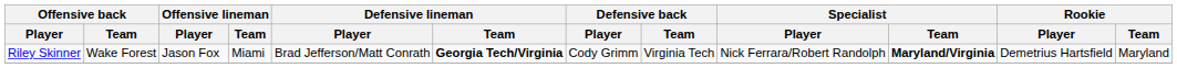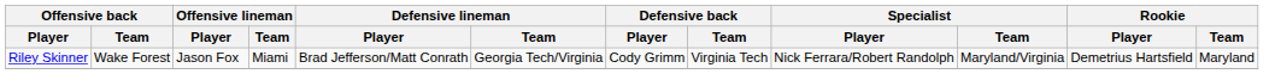 <table class="wikitable" border="1">
 <tr>
 <th colspan="2">Offensive back</th>
 <th colspan="2">Offensive lineman</th>
 <th colspan="2">Defensive lineman</th>
 <th colspan="2">Defensive back</th>
 <th colspan="2">Specialist</th>
 <th colspan="2">Rookie</th>
 </tr>
 <tr>
 <th>Player</th>
 <th>Team</th>
 <th>Player</th>
 <th>Team</th>
 <th>Player</th>
 <th>Team</th>
 <th>Player</th>
 <th>Team</th>
 <th>Player</th>
 <th>Team</th>
 <th>Player</th>
 <th>Team</th>
 </tr>
 <tr>
 <td><a href='#'>Riley Skinner</a></td>
 <td>Wake Forest</td>
 <td>Jason Fox</td>
 <td>Miami</td>
 <td>Brad Jefferson/Matt Conrath</td>
-<td><strong>Georgia Tech/Virginia</strong></td>
+<td>Georgia Tech/Virginia</td>
 <td>Cody Grimm</td>
 <td>Virginia Tech</td>
 <td>Nick Ferrara/Robert Randolph</td>
-<td><strong>Maryland/Virginia</strong></td>
+<td>Maryland/Virginia</td>
 <td>Demetrius Hartsfield</td>
 <td>Maryland</td>
 </tr>
 <tr>
 </tr>
 </table>
